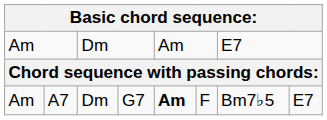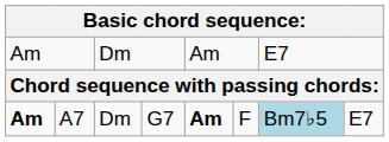 <table class="wikitable">
 <tr>
 <th colspan=8>Basic chord sequence:</th>
 </tr>
 <tr>
 <td colspan=2>Am</td>
 <td colspan=2>Dm</td>
 <td colspan=2>Am</td>
 <td colspan=2>E7</td>
 </tr>
 <tr>
 <th colspan=8>Chord sequence with passing chords:</th>
 </tr>
 <tr>
-<td>Am</td>
+<td><strong>Am</strong></td>
 <td>A7</td>
 <td>Dm</td>
 <td>G7</td>
 <td><strong>Am</strong></td>
 <td>F</td>
-<td>Bm7♭5</td>
+<td style="background: lightblue;">Bm7♭5</td>
 <td>E7</td>
 </tr>
 </table>
